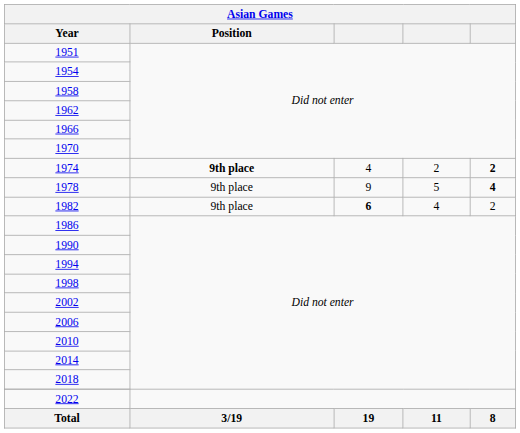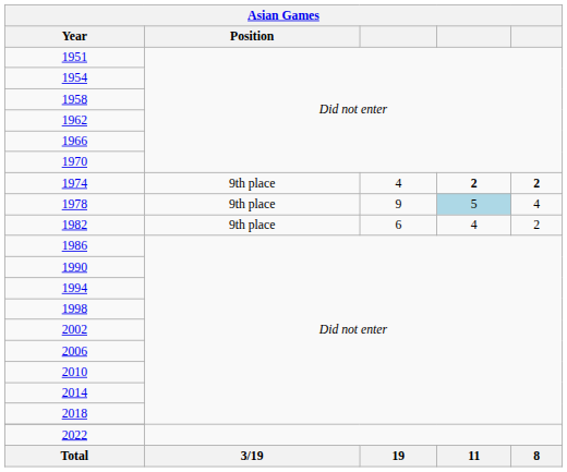 <table class="wikitable" width=50% style="text-align: center;font-size:90%;">
 <tr>
 <th colspan=5><a href='#'>Asian Games</a></th>
 </tr>
 <tr>
 <th>Year</th>
 <th>Position</th>
 <th></th>
 <th></th>
 <th></th>
 </tr>
 <tr>
 <td> <a href='#'>1951</a></td>
 <td rowspan=6 colspan=4><em>Did not enter</em></td>
 </tr>
 <tr>
 <td> <a href='#'>1954</a></td>
 </tr>
 <tr>
 <td> <a href='#'>1958</a></td>
 </tr>
 <tr>
 <td> <a href='#'>1962</a></td>
 </tr>
 <tr>
 <td> <a href='#'>1966</a></td>
 </tr>
 <tr>
 <td> <a href='#'>1970</a></td>
 </tr>
 <tr>
 <td> <a href='#'>1974</a></td>
-<td><strong>9th place</strong></td>
+<td>9th place</td>
 <td>4</td>
-<td>2</td>
+<td><strong>2</strong></td>
 <td><strong>2</strong></td>
 </tr>
 <tr>
 <td> <a href='#'>1978</a></td>
 <td>9th place</td>
 <td>9</td>
-<td>5</td>
-<td><strong>4</strong></td>
+<td style="background: lightblue;">5</td>
+<td>4</td>
 </tr>
 <tr>
 <td> <a href='#'>1982</a></td>
 <td>9th place</td>
-<td><strong>6</strong></td>
+<td>6</td>
 <td>4</td>
 <td>2</td>
 </tr>
 <tr>
 <td> <a href='#'>1986</a></td>
 <td rowspan=10 colspan=4><em>Did not enter</em></td>
 </tr>
 <tr>
 <td> <a href='#'>1990</a></td>
 </tr>
 <tr>
 <td> <a href='#'>1994</a></td>
 </tr>
 <tr>
 <td> <a href='#'>1998</a></td>
 </tr>
 <tr>
 <td> <a href='#'>2002</a></td>
 </tr>
 <tr>
 <td> <a href='#'>2006</a></td>
 </tr>
 <tr>
 <td> <a href='#'>2010</a></td>
 </tr>
 <tr>
 <td> <a href='#'>2014</a></td>
 </tr>
 <tr>
 <td> <a href='#'>2018</a></td>
 </tr>
 <tr>
 </tr>
 <tr>
 <td> <a href='#'>2022</a></td>
 </tr>
 <tr>
 <th>Total</th>
 <th>3/19</th>
 <th>19</th>
 <th>11</th>
 <th>8</th>
 </tr>
 </table>
